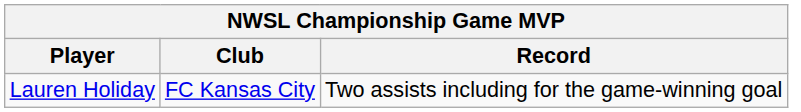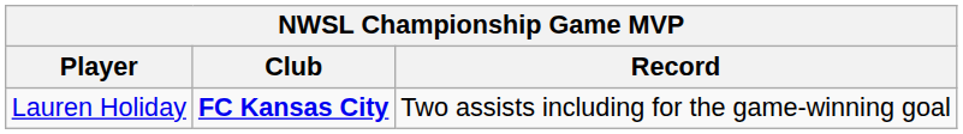 <table class="wikitable">
 <tr>
 <th colspan=3>NWSL Championship Game MVP</th>
 </tr>
 <tr>
 <th>Player</th>
 <th>Club</th>
 <th>Record</th>
 </tr>
 <tr>
 <td> <a href='#'>Lauren Holiday</a></td>
-<td><a href='#'>FC Kansas City</a></td>
+<td><strong><a href='#'>FC Kansas City</a></strong></td>
 <td>Two assists including for the game-winning goal</td>
 </tr>
 </table>
